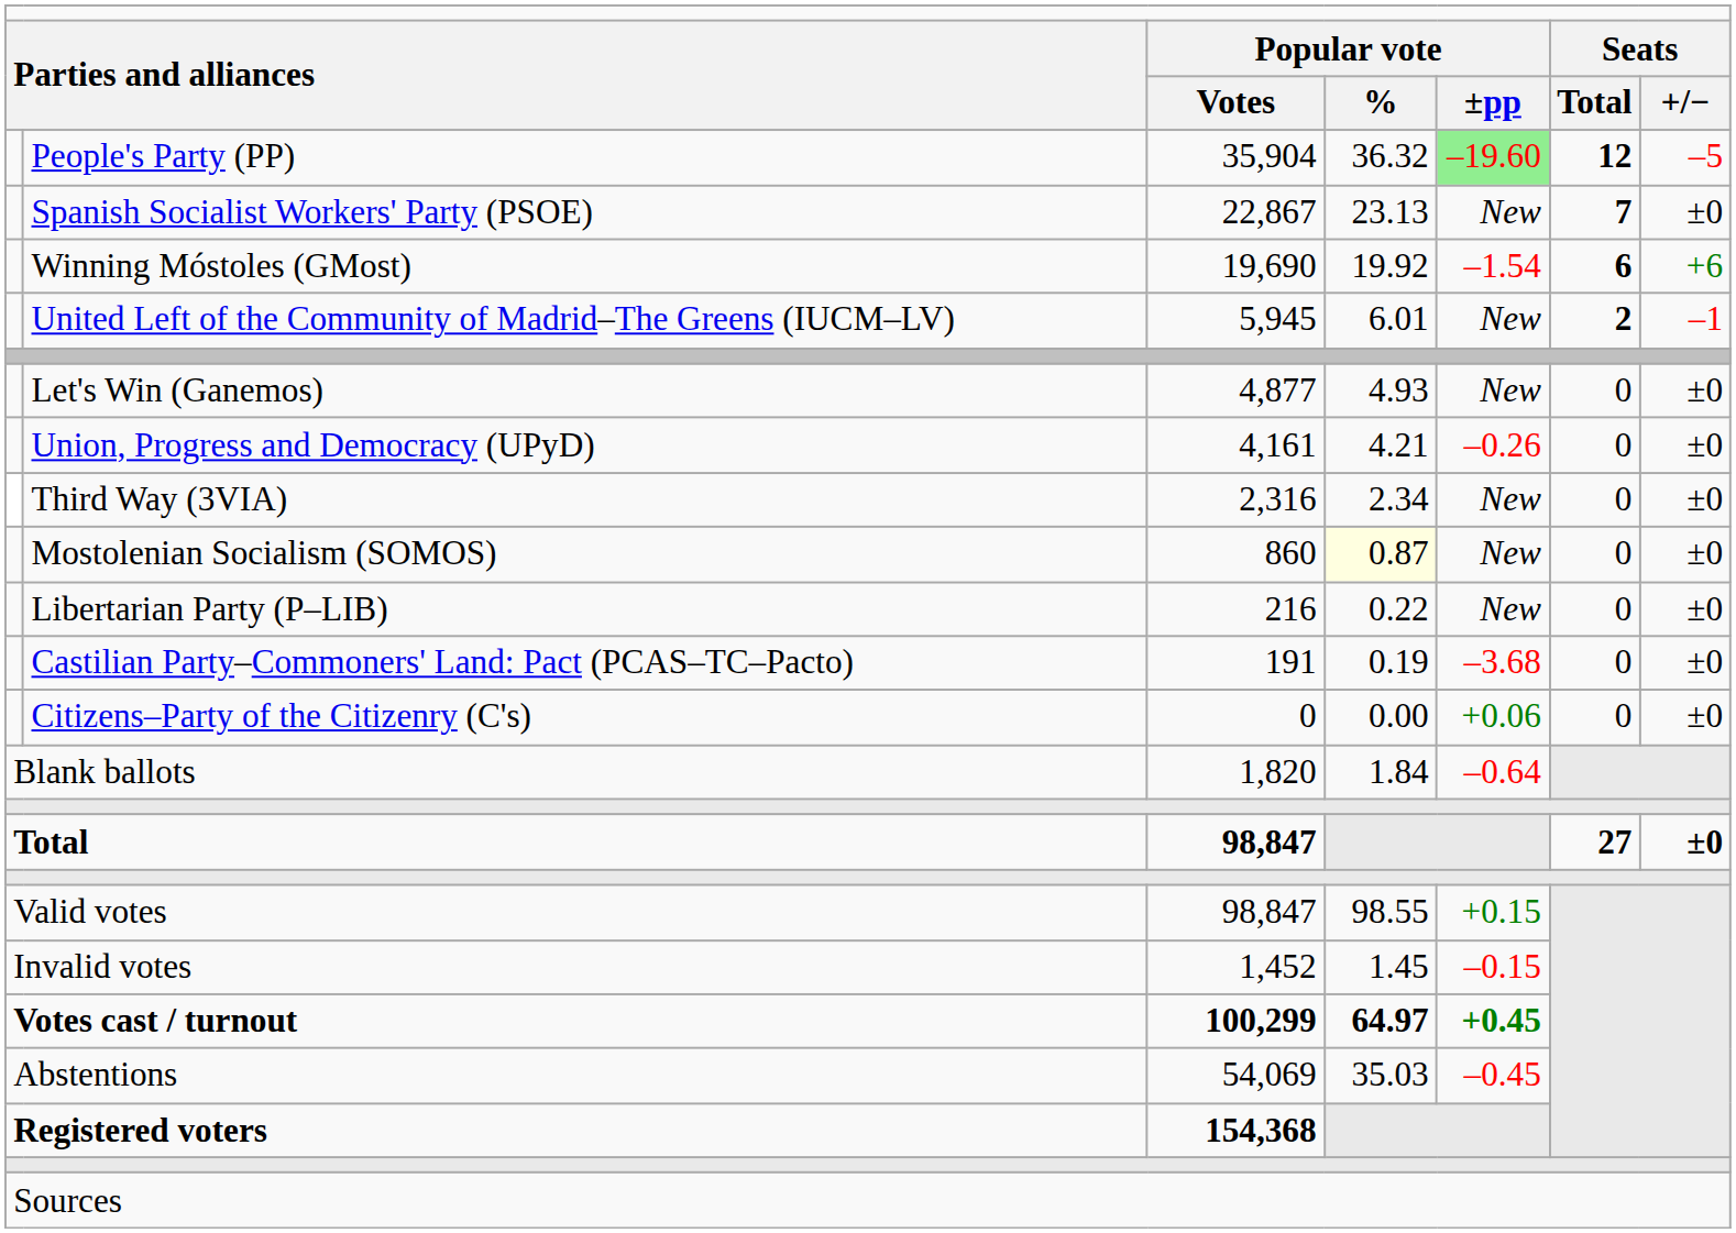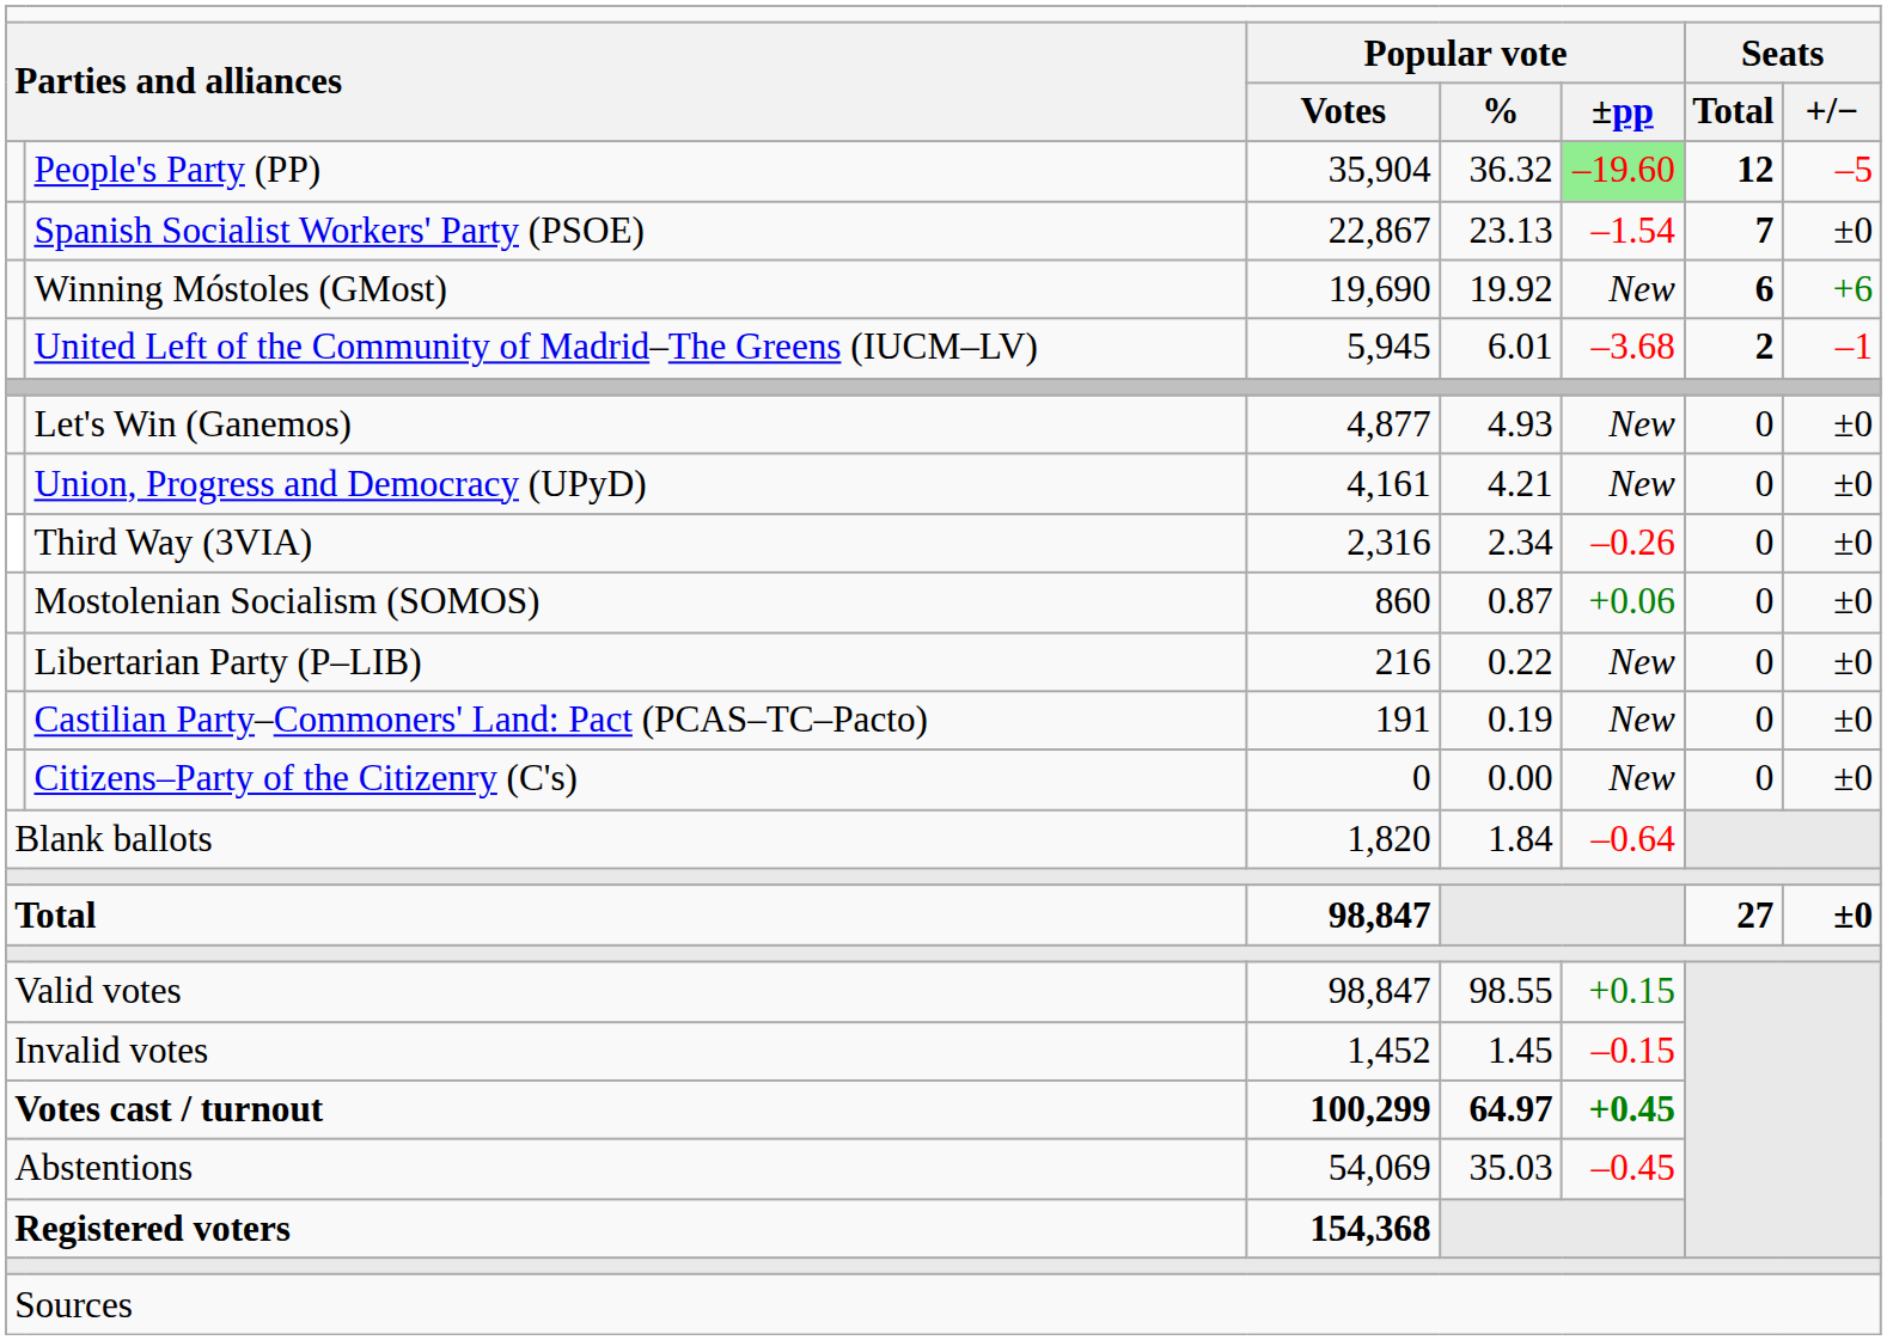 <table class="wikitable" style="text-align:right;">
 <tr>
 <td colspan="7"></td>
 </tr>
 <tr>
 <th style="text-align:left;" rowspan="2" colspan="2" width="525">Parties and alliances</th>
 <th colspan="3">Popular vote</th>
 <th colspan="2">Seats</th>
 </tr>
 <tr>
 <th width="75">Votes</th>
 <th width="45">%</th>
 <th width="45">±<a href='#'>pp</a></th>
 <th width="35">Total</th>
 <th width="35">+/−</th>
 </tr>
 <tr>
 <td width="1" style="color:inherit;background:"></td>
 <td align="left"><a href='#'>People's Party</a> (PP)</td>
 <td>35,904</td>
 <td>36.32</td>
 <td style="background: lightgreen; color:red;">–19.60</td>
 <td><strong>12</strong></td>
 <td style="color:red;">–5</td>
 </tr>
 <tr>
 <td style="color:inherit;background:"></td>
 <td align="left"><a href='#'>Spanish Socialist Workers' Party</a> (PSOE)</td>
 <td>22,867</td>
 <td>23.13</td>
-<td><em>New</em></td>
+<td style="color:red;">–1.54</td>
 <td><strong>7</strong></td>
 <td>±0</td>
 </tr>
 <tr>
 <td style="color:inherit;background:"></td>
 <td align="left">Winning Móstoles (GMost)</td>
 <td>19,690</td>
 <td>19.92</td>
-<td style="color:red;">–1.54</td>
+<td><em>New</em></td>
 <td><strong>6</strong></td>
 <td style="color:green;">+6</td>
 </tr>
 <tr>
 <td style="color:inherit;background:"></td>
 <td align="left"><a href='#'>United Left of the Community of Madrid</a>–<a href='#'>The Greens</a> (IUCM–LV)</td>
 <td>5,945</td>
 <td>6.01</td>
-<td><em>New</em></td>
+<td style="color:red;">–3.68</td>
 <td><strong>2</strong></td>
 <td style="color:red;">–1</td>
 </tr>
 <tr>
 <td colspan="7" bgcolor="#C0C0C0"></td>
 </tr>
 <tr>
 <td style="color:inherit;background:"></td>
 <td align="left">Let's Win (Ganemos)</td>
 <td>4,877</td>
 <td>4.93</td>
 <td><em>New</em></td>
 <td>0</td>
 <td>±0</td>
 </tr>
 <tr>
 <td style="color:inherit;background:"></td>
 <td align="left"><a href='#'>Union, Progress and Democracy</a> (UPyD)</td>
 <td>4,161</td>
 <td>4.21</td>
-<td style="color:red;">–0.26</td>
+<td><em>New</em></td>
 <td>0</td>
 <td>±0</td>
 </tr>
 <tr>
 <td bgcolor="white"></td>
 <td align="left">Third Way (3VIA)</td>
 <td>2,316</td>
 <td>2.34</td>
-<td><em>New</em></td>
+<td style="color:red;">–0.26</td>
 <td>0</td>
 <td>±0</td>
 </tr>
 <tr>
 <td style="color:inherit;background:"></td>
 <td align="left">Mostolenian Socialism (SOMOS)</td>
 <td>860</td>
-<td style="background: lightyellow;">0.87</td>
-<td><em>New</em></td>
+<td>0.87</td>
+<td style="color:green;">+0.06</td>
 <td>0</td>
 <td>±0</td>
 </tr>
 <tr>
 <td style="color:inherit;background:"></td>
 <td align="left">Libertarian Party (P–LIB)</td>
 <td>216</td>
 <td>0.22</td>
 <td><em>New</em></td>
 <td>0</td>
 <td>±0</td>
 </tr>
 <tr>
 <td style="color:inherit;background:"></td>
 <td align="left"><a href='#'>Castilian Party</a>–<a href='#'>Commoners' Land: Pact</a> (PCAS–TC–Pacto)</td>
 <td>191</td>
 <td>0.19</td>
-<td style="color:red;">–3.68</td>
+<td><em>New</em></td>
 <td>0</td>
 <td>±0</td>
 </tr>
 <tr>
 <td style="color:inherit;background:"></td>
 <td align="left"><a href='#'>Citizens–Party of the Citizenry</a> (C's)</td>
 <td>0</td>
 <td>0.00</td>
-<td style="color:green;">+0.06</td>
+<td><em>New</em></td>
 <td>0</td>
 <td>±0</td>
 </tr>
 <tr>
 <td align="left" colspan="2">Blank ballots</td>
 <td>1,820</td>
 <td>1.84</td>
 <td style="color:red;">–0.64</td>
 <td bgcolor="#E9E9E9" colspan="2"></td>
 </tr>
 <tr>
 <td colspan="7" bgcolor="#E9E9E9"></td>
 </tr>
 <tr style="font-weight:bold;">
 <td align="left" colspan="2">Total</td>
 <td>98,847</td>
 <td bgcolor="#E9E9E9" colspan="2"></td>
 <td>27</td>
 <td>±0</td>
 </tr>
 <tr>
 <td colspan="7" bgcolor="#E9E9E9"></td>
 </tr>
 <tr>
 <td align="left" colspan="2">Valid votes</td>
 <td>98,847</td>
 <td>98.55</td>
 <td style="color:green;">+0.15</td>
 <td bgcolor="#E9E9E9" colspan="2" rowspan="5"></td>
 </tr>
 <tr>
 <td align="left" colspan="2">Invalid votes</td>
 <td>1,452</td>
 <td>1.45</td>
 <td style="color:red;">–0.15</td>
 </tr>
 <tr style="font-weight:bold;">
 <td align="left" colspan="2">Votes cast / turnout</td>
 <td>100,299</td>
 <td>64.97</td>
 <td style="color:green;">+0.45</td>
 </tr>
 <tr>
 <td align="left" colspan="2">Abstentions</td>
 <td>54,069</td>
 <td>35.03</td>
 <td style="color:red;">–0.45</td>
 </tr>
 <tr style="font-weight:bold;">
 <td align="left" colspan="2">Registered voters</td>
 <td>154,368</td>
 <td bgcolor="#E9E9E9" colspan="2"></td>
 </tr>
 <tr>
 <td colspan="7" bgcolor="#E9E9E9"></td>
 </tr>
 <tr>
 <td align="left" colspan="7">Sources</td>
 </tr>
 </table>
